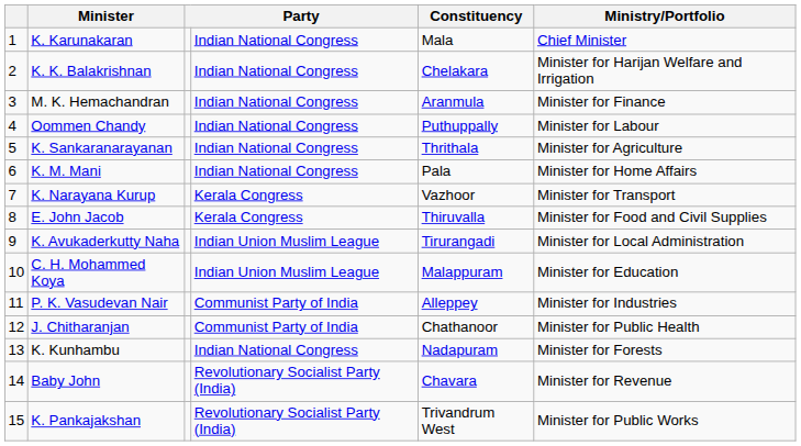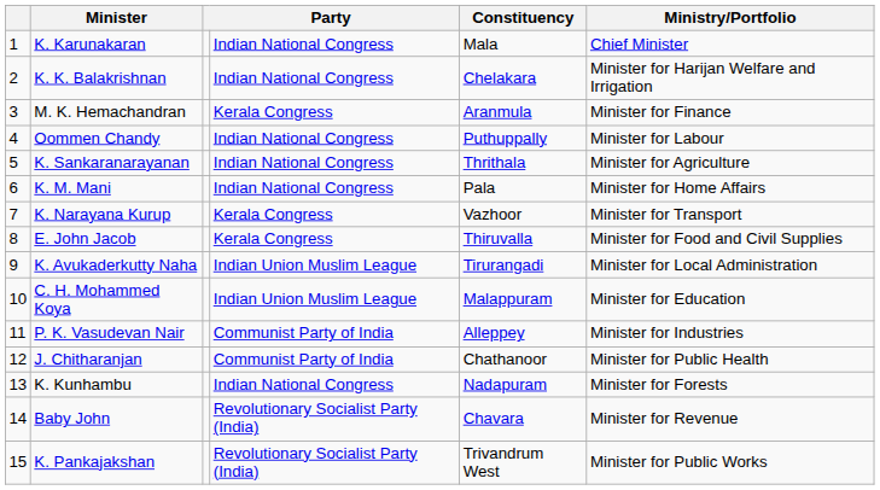 <table class="wikitable">
 <tr>
 <th></th>
 <th>Minister</th>
 <th colspan="2">Party</th>
 <th>Constituency</th>
 <th>Ministry/Portfolio</th>
 </tr>
 <tr>
 <td>1</td>
 <td><a href='#'>K. Karunakaran</a></td>
 <td style="background-color: "></td>
 <td><a href='#'>Indian National Congress</a></td>
 <td>Mala</td>
 <td><a href='#'>Chief Minister</a></td>
 </tr>
 <tr>
 <td>2</td>
 <td><a href='#'>K. K. Balakrishnan</a></td>
 <td style="background-color: "></td>
 <td><a href='#'>Indian National Congress</a></td>
 <td><a href='#'>Chelakara</a></td>
 <td>Minister for Harijan Welfare and Irrigation</td>
 </tr>
 <tr>
 <td>3</td>
 <td>M. K. Hemachandran</td>
 <td style="background-color: "></td>
-<td><a href='#'>Indian National Congress</a></td>
+<td><a href='#'>Kerala Congress</a></td>
 <td><a href='#'>Aranmula</a></td>
 <td>Minister for Finance</td>
 </tr>
 <tr>
 <td>4</td>
 <td><a href='#'>Oommen Chandy</a></td>
 <td style="background-color: "></td>
 <td><a href='#'>Indian National Congress</a></td>
 <td><a href='#'>Puthuppally</a></td>
 <td>Minister for Labour</td>
 </tr>
 <tr>
 <td>5</td>
 <td><a href='#'>K. Sankaranarayanan</a></td>
 <td style="background-color: "></td>
 <td><a href='#'>Indian National Congress</a></td>
 <td><a href='#'>Thrithala</a></td>
 <td>Minister for Agriculture</td>
 </tr>
 <tr>
 <td>6</td>
 <td><a href='#'>K. M. Mani</a></td>
 <td style="background-color: "></td>
 <td><a href='#'>Indian National Congress</a></td>
 <td>Pala</td>
 <td>Minister for Home Affairs</td>
 </tr>
 <tr>
 <td>7</td>
 <td><a href='#'>K. Narayana Kurup</a></td>
 <td style="background-color: "></td>
 <td><a href='#'>Kerala Congress</a></td>
 <td>Vazhoor</td>
 <td>Minister for Transport</td>
 </tr>
 <tr>
 <td>8</td>
 <td><a href='#'>E. John Jacob</a></td>
 <td style="background-color: "></td>
 <td><a href='#'>Kerala Congress</a></td>
 <td><a href='#'>Thiruvalla</a></td>
 <td>Minister for Food and Civil Supplies</td>
 </tr>
 <tr>
 <td>9</td>
 <td><a href='#'>K. Avukaderkutty Naha</a></td>
 <td style="background-color: "></td>
 <td><a href='#'>Indian Union Muslim League</a></td>
 <td><a href='#'>Tirurangadi</a></td>
 <td>Minister for Local Administration</td>
 </tr>
 <tr>
 <td>10</td>
 <td><a href='#'>C. H. Mohammed Koya</a></td>
 <td style="background-color: "></td>
 <td><a href='#'>Indian Union Muslim League</a></td>
 <td><a href='#'>Malappuram</a></td>
 <td>Minister for Education</td>
 </tr>
 <tr>
 <td>11</td>
 <td><a href='#'>P. K. Vasudevan Nair</a></td>
 <td style="background-color: "></td>
 <td><a href='#'>Communist Party of India</a></td>
 <td><a href='#'>Alleppey</a></td>
 <td>Minister for Industries</td>
 </tr>
 <tr>
 <td>12</td>
 <td><a href='#'>J. Chitharanjan</a></td>
 <td style="background-color: "></td>
 <td><a href='#'>Communist Party of India</a></td>
 <td>Chathanoor</td>
 <td>Minister for Public Health</td>
 </tr>
 <tr>
 <td>13</td>
 <td>K. Kunhambu</td>
 <td style="background-color: "></td>
 <td><a href='#'>Indian National Congress</a></td>
 <td><a href='#'>Nadapuram</a></td>
 <td>Minister for Forests</td>
 </tr>
 <tr>
 <td>14</td>
 <td><a href='#'>Baby John</a></td>
 <td></td>
 <td><a href='#'>Revolutionary Socialist Party (India)</a></td>
 <td><a href='#'>Chavara</a></td>
 <td>Minister for Revenue</td>
 </tr>
 <tr>
 <td>15</td>
 <td><a href='#'>K. Pankajakshan</a></td>
 <td></td>
 <td><a href='#'>Revolutionary Socialist Party (India)</a></td>
 <td>Trivandrum West</td>
 <td>Minister for Public Works</td>
 </tr>
 </table>
